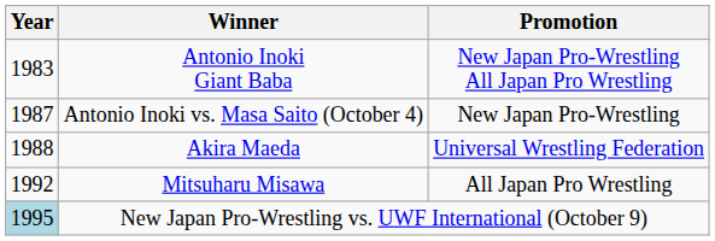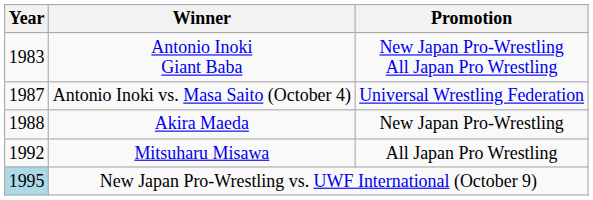 <table class="wikitable sortable" style="text-align: center">
 <tr>
 <th>Year</th>
 <th>Winner</th>
 <th>Promotion</th>
 </tr>
 <tr>
 <td>1983</td>
 <td><a href='#'>Antonio Inoki</a><br><a href='#'>Giant Baba</a></td>
 <td><a href='#'>New Japan Pro-Wrestling</a><br><a href='#'>All Japan Pro Wrestling</a></td>
 </tr>
 <tr>
 <td>1987</td>
 <td>Antonio Inoki vs. <a href='#'>Masa Saito</a> (October 4)</td>
-<td>New Japan Pro-Wrestling</td>
+<td><a href='#'>Universal Wrestling Federation</a></td>
 </tr>
 <tr>
 <td>1988</td>
 <td><a href='#'>Akira Maeda</a></td>
-<td><a href='#'>Universal Wrestling Federation</a></td>
+<td>New Japan Pro-Wrestling</td>
 </tr>
 <tr>
 <td>1992</td>
 <td><a href='#'>Mitsuharu Misawa</a></td>
 <td>All Japan Pro Wrestling</td>
 </tr>
 <tr>
 <td style="background: lightblue;">1995</td>
 <td colspan=2>New Japan Pro-Wrestling vs. <a href='#'>UWF International</a> (October 9)</td>
 </tr>
 </table>
